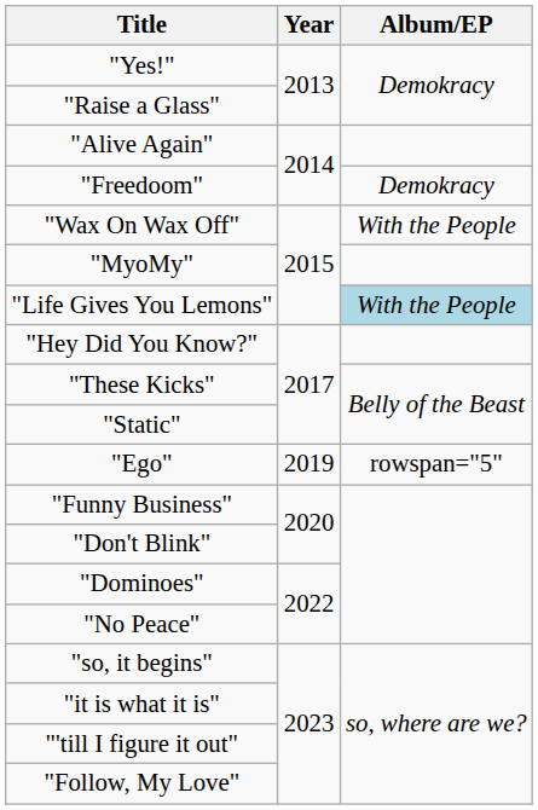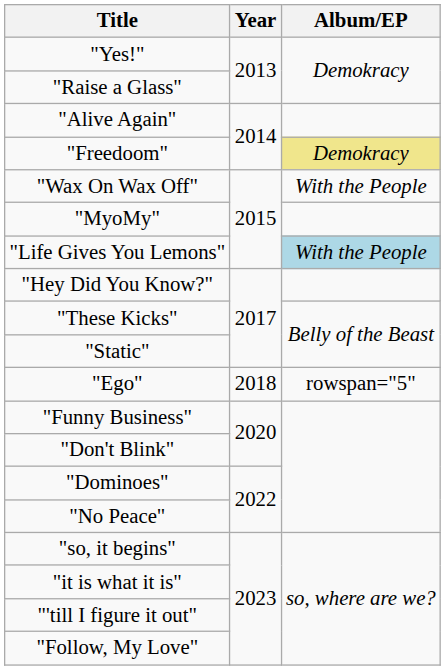 <table class="wikitable plainrowheaders" style="text-align:center;">
 <tr>
 <th>Title</th>
 <th>Year</th>
 <th>Album/EP</th>
 </tr>
 <tr>
 <td scope="row">"Yes!"</td>
 <td rowspan="2">2013</td>
 <td rowspan="2"><em>Demokracy</em></td>
 </tr>
 <tr>
 <td scope="row">"Raise a Glass" </td>
 </tr>
 <tr>
 <td scope="row">"Alive Again" </td>
 <td rowspan="2">2014</td>
 <td></td>
 </tr>
 <tr>
 <td scope="row">"Freedoom"</td>
-<td><em>Demokracy</em></td>
+<td style="background: khaki;"><em>Demokracy</em></td>
 </tr>
 <tr>
 <td scope="row">"Wax On Wax Off"</td>
 <td rowspan="3">2015</td>
 <td><em>With the People</em></td>
 </tr>
 <tr>
 <td scope="row">"MyoMy" </td>
 <td></td>
 </tr>
 <tr>
 <td scope="row">"Life Gives You Lemons"</td>
 <td style="background: lightblue;"><em>With the People</em></td>
 </tr>
 <tr>
 <td scope="row">"Hey Did You Know?" </td>
 <td rowspan="3">2017</td>
 <td></td>
 </tr>
 <tr>
 <td scope="row">"These Kicks" </td>
 <td rowspan="2"><em>Belly of the Beast</em></td>
 </tr>
 <tr>
 <td scope="row">"Static" </td>
 </tr>
 <tr>
 <td scope="row">"Ego"</td>
-<td>2019</td>
+<td>2018</td>
 <td>rowspan="5" </td>
 </tr>
 <tr>
 <td scope="row">"Funny Business" </td>
 <td rowspan="2">2020</td>
 </tr>
 <tr>
 <td scope="row">"Don't Blink"</td>
 </tr>
 <tr>
 <td scope="row">"Dominoes"</td>
 <td rowspan="2">2022</td>
 </tr>
 <tr>
 <td scope="row">"No Peace"</td>
 </tr>
 <tr>
 <td scope="row">"so, it begins"</td>
 <td rowspan="4">2023</td>
 <td rowspan="4"><em>so, where are we?</em></td>
 </tr>
 <tr>
 <td scope="row">"it is what it is"</td>
 </tr>
 <tr>
 <td scope="row">"'till I figure it out"</td>
 </tr>
 <tr>
 <td scope="row">"Follow, My Love"</td>
 </tr>
 </table>
